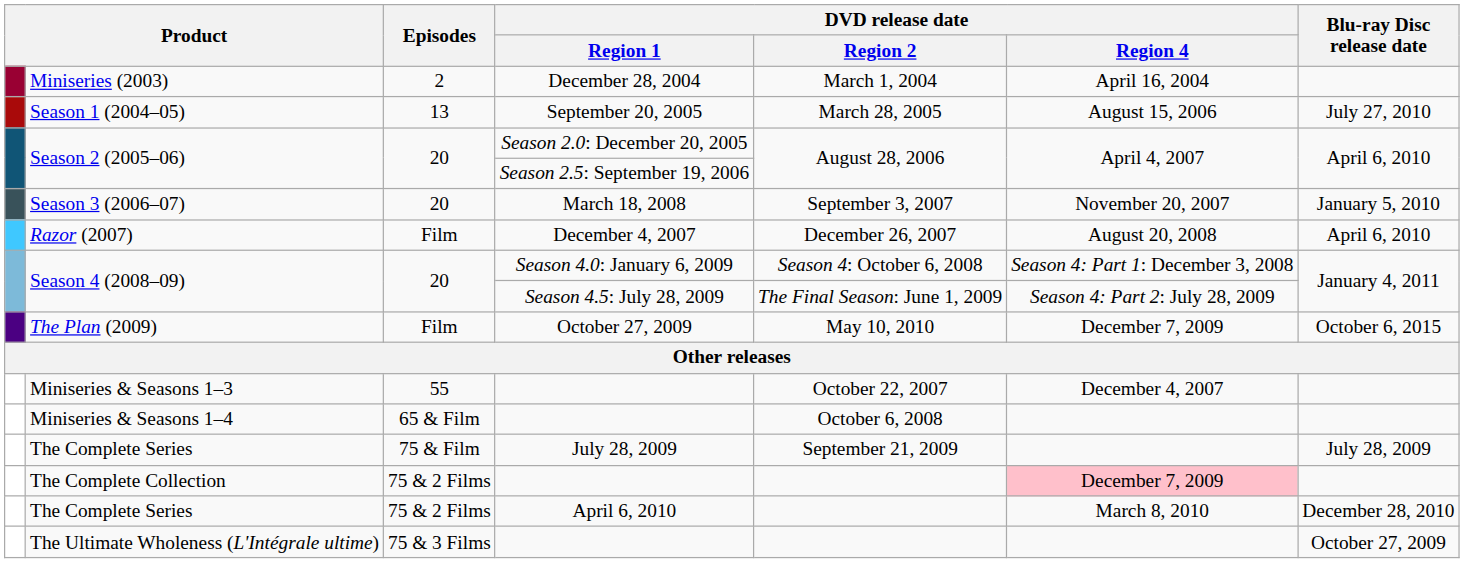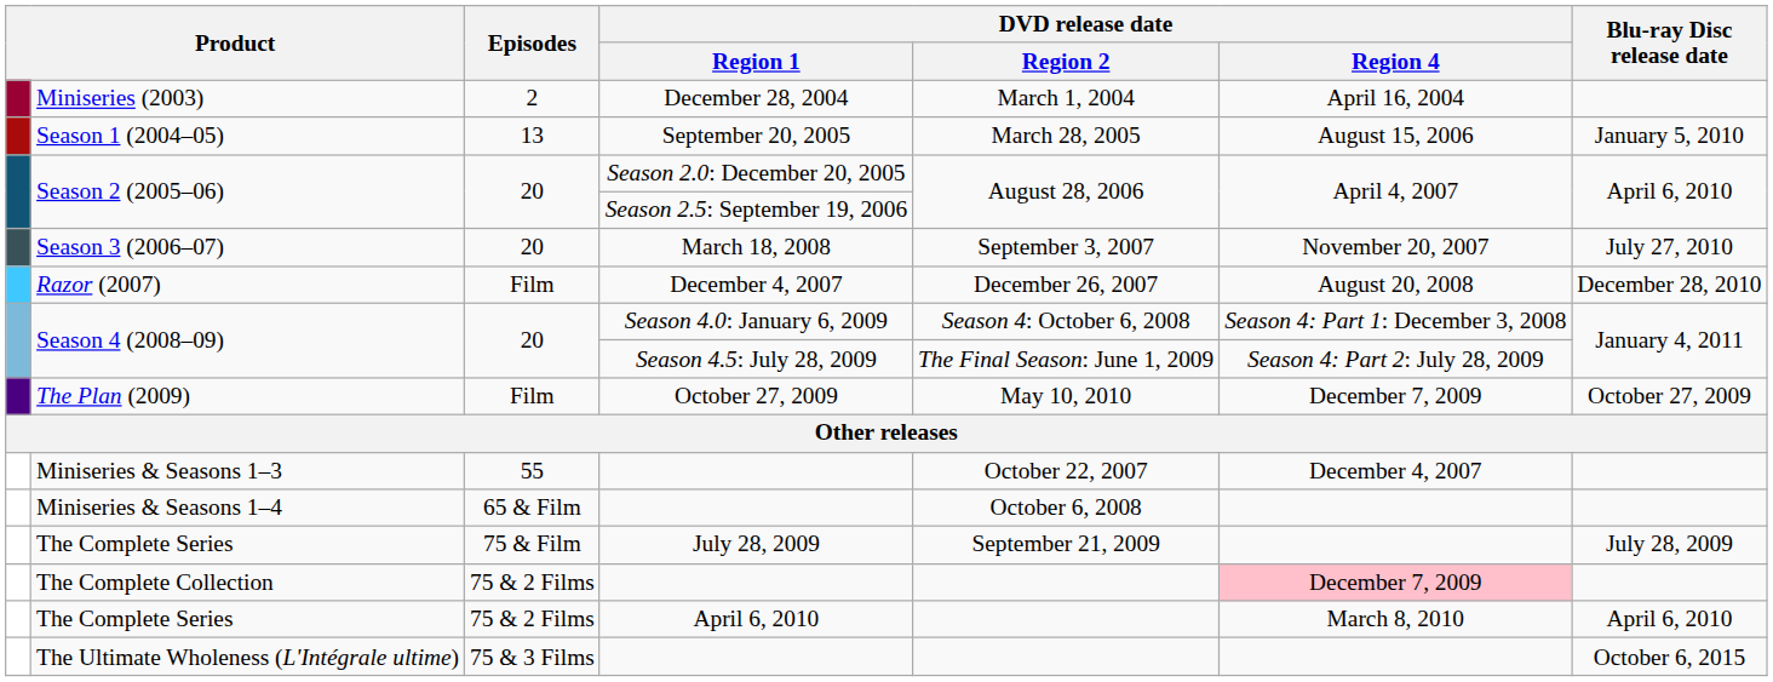 <table class="wikitable" style="text-align:center;">
 <tr>
 <th colspan="2" rowspan="2">Product</th>
 <th rowspan="2">Episodes</th>
 <th colspan="3">DVD release date</th>
 <th rowspan="2">Blu-ray Disc<br>release  date</th>
 </tr>
 <tr>
 <th><a href='#'>Region 1</a></th>
 <th><a href='#'>Region 2</a></th>
 <th><a href='#'>Region 4</a></th>
 </tr>
 <tr>
 <td style="width:10px; background:#990033;"></td>
 <td style="text-align:left;"><a href='#'>Miniseries</a> (2003)</td>
 <td>2</td>
 <td>December 28, 2004</td>
 <td>March 1, 2004</td>
 <td>April 16, 2004</td>
 <td></td>
 </tr>
 <tr>
 <td style="width:10px; background:#A90A0A;"></td>
 <td style="text-align:left;"><a href='#'>Season 1</a> (2004–05)</td>
 <td>13</td>
 <td>September 20, 2005</td>
 <td>March 28, 2005</td>
 <td>August 15, 2006</td>
-<td>July 27, 2010</td>
+<td>January 5, 2010</td>
 </tr>
 <tr>
 <td style="width:10px; background:#105576;" rowspan="2"></td>
 <td style="text-align:left;" rowspan="2"><a href='#'>Season 2</a> (2005–06)</td>
 <td rowspan="2">20</td>
 <td><em>Season 2.0</em>: December 20, 2005</td>
 <td rowspan="2">August 28, 2006</td>
 <td rowspan="2">April 4, 2007</td>
 <td rowspan="2">April 6, 2010</td>
 </tr>
 <tr>
 <td><em>Season 2.5</em>: September 19, 2006</td>
 </tr>
 <tr>
 <td style="width:10px; background:#39525A;"></td>
 <td style="text-align:left;"><a href='#'>Season 3</a>  (2006–07)</td>
 <td>20</td>
 <td>March 18, 2008</td>
 <td>September 3, 2007</td>
 <td>November 20, 2007</td>
-<td>January 5, 2010</td>
+<td>July 27, 2010</td>
 </tr>
 <tr>
 <td style="width:10px; background:#3FC8FF;"></td>
 <td style="text-align:left;"><em><a href='#'>Razor</a></em> (2007)</td>
 <td>Film</td>
 <td>December 4, 2007</td>
 <td>December 26, 2007</td>
 <td>August 20, 2008</td>
-<td>April 6, 2010</td>
+<td>December 28, 2010</td>
 </tr>
 <tr>
 <td rowspan="2" style="width:10px; background:#7DBAD9;"></td>
 <td style="text-align:left;" rowspan="2"><a href='#'>Season 4</a> (2008–09)</td>
 <td rowspan="2">20</td>
 <td><em>Season 4.0</em>: January 6, 2009</td>
 <td><em>Season 4</em>: October 6, 2008</td>
 <td><em>Season 4: Part 1</em>: December 3, 2008</td>
 <td rowspan="2">January 4, 2011</td>
 </tr>
 <tr>
 <td><em>Season 4.5</em>: July 28, 2009</td>
 <td><em>The Final Season</em>: June 1, 2009</td>
 <td><em>Season 4: Part 2</em>: July 28, 2009</td>
 </tr>
 <tr>
 <td style="width:10px; background:#4B0082;"></td>
 <td style="text-align:left;"><em><a href='#'>The Plan</a></em> (2009)</td>
 <td>Film</td>
 <td>October 27, 2009</td>
 <td>May 10, 2010</td>
 <td>December 7, 2009</td>
-<td>October 6, 2015</td>
+<td>October 27, 2009</td>
 </tr>
 <tr>
 <th colspan="7">Other releases</th>
 </tr>
 <tr>
 <td style="width:10px; background:#fff;"></td>
 <td style="text-align:left;">Miniseries & Seasons 1–3</td>
 <td>55</td>
 <td></td>
 <td>October 22, 2007</td>
 <td>December 4, 2007</td>
 <td></td>
 </tr>
 <tr>
 <td style="width:10px; background:#fff;"></td>
 <td style="text-align:left;">Miniseries & Seasons 1–4</td>
 <td>65 & Film</td>
 <td></td>
 <td>October 6, 2008</td>
 <td></td>
 <td></td>
 </tr>
 <tr>
 <td style="width:10px; background:#fff;"></td>
 <td style="text-align:left;">The Complete Series</td>
 <td>75 & Film</td>
 <td>July 28, 2009</td>
 <td>September 21, 2009</td>
 <td></td>
 <td>July 28, 2009</td>
 </tr>
 <tr>
 <td style="width:10px; background:#fff;"></td>
 <td style="text-align:left;">The Complete Collection</td>
 <td>75 & 2 Films</td>
 <td></td>
 <td></td>
 <td style="background: pink;">December 7, 2009</td>
 <td></td>
 </tr>
 <tr>
 <td style="width:10px; background:#fff;"></td>
 <td style="text-align:left;">The Complete Series</td>
 <td>75 & 2 Films</td>
 <td>April 6, 2010</td>
 <td></td>
 <td>March 8, 2010</td>
-<td>December 28, 2010</td>
+<td>April 6, 2010</td>
 </tr>
 <tr>
 <td style="width:10px; background:#fff;"></td>
 <td style="text-align:left;">The Ultimate Wholeness (<em>L'Intégrale ultime</em>)</td>
 <td>75 & 3 Films</td>
 <td></td>
 <td></td>
 <td></td>
-<td>October 27, 2009</td>
+<td>October 6, 2015</td>
 </tr>
 </table>
